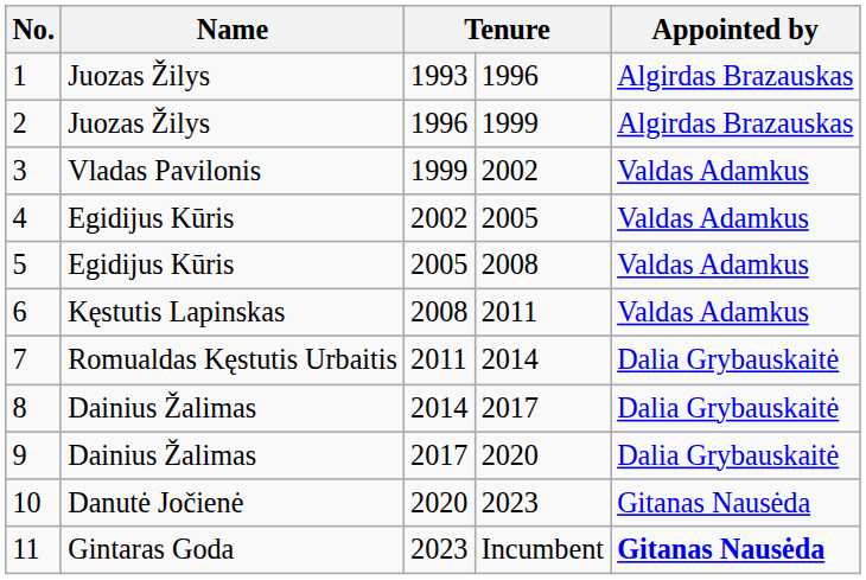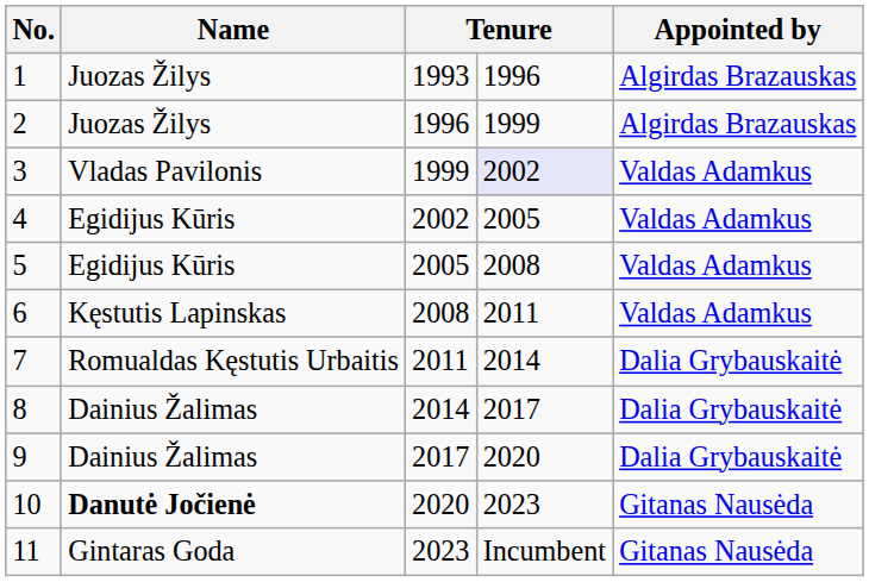 <table class="wikitable sortable" style="font-size: 95%;">
 <tr>
 <th>No.</th>
 <th>Name</th>
 <th colspan=2>Tenure</th>
 <th>Appointed by</th>
 </tr>
 <tr>
 <td>1</td>
 <td>Juozas Žilys</td>
 <td>1993</td>
 <td>1996</td>
 <td><a href='#'>Algirdas Brazauskas</a></td>
 </tr>
 <tr>
 <td>2</td>
 <td>Juozas Žilys</td>
 <td>1996</td>
 <td>1999</td>
 <td><a href='#'>Algirdas Brazauskas</a></td>
 </tr>
 <tr>
 <td>3</td>
 <td>Vladas Pavilonis</td>
 <td>1999</td>
-<td>2002</td>
+<td style="background: lavender;">2002</td>
 <td><a href='#'>Valdas Adamkus</a></td>
 </tr>
 <tr>
 <td>4</td>
 <td>Egidijus Kūris</td>
 <td>2002</td>
 <td>2005</td>
 <td><a href='#'>Valdas Adamkus</a></td>
 </tr>
 <tr>
 <td>5</td>
 <td>Egidijus Kūris</td>
 <td>2005</td>
 <td>2008</td>
 <td><a href='#'>Valdas Adamkus</a></td>
 </tr>
 <tr>
 <td>6</td>
 <td>Kęstutis Lapinskas</td>
 <td>2008</td>
 <td>2011</td>
 <td><a href='#'>Valdas Adamkus</a></td>
 </tr>
 <tr>
 <td>7</td>
 <td>Romualdas Kęstutis Urbaitis</td>
 <td>2011</td>
 <td>2014</td>
 <td><a href='#'>Dalia Grybauskaitė</a></td>
 </tr>
 <tr>
 <td>8</td>
 <td>Dainius Žalimas</td>
 <td>2014</td>
 <td>2017</td>
 <td><a href='#'>Dalia Grybauskaitė</a></td>
 </tr>
 <tr>
 <td>9</td>
 <td>Dainius Žalimas</td>
 <td>2017</td>
 <td>2020</td>
 <td><a href='#'>Dalia Grybauskaitė</a></td>
 </tr>
 <tr>
 <td>10</td>
-<td>Danutė Jočienė</td>
+<td><strong>Danutė Jočienė</strong></td>
 <td>2020</td>
 <td>2023</td>
 <td><a href='#'>Gitanas Nausėda</a></td>
 </tr>
 <tr>
 <td>11</td>
 <td>Gintaras Goda</td>
 <td>2023</td>
 <td>Incumbent</td>
-<td><strong><a href='#'>Gitanas Nausėda</a></strong></td>
+<td><a href='#'>Gitanas Nausėda</a></td>
 </tr>
 </table>
